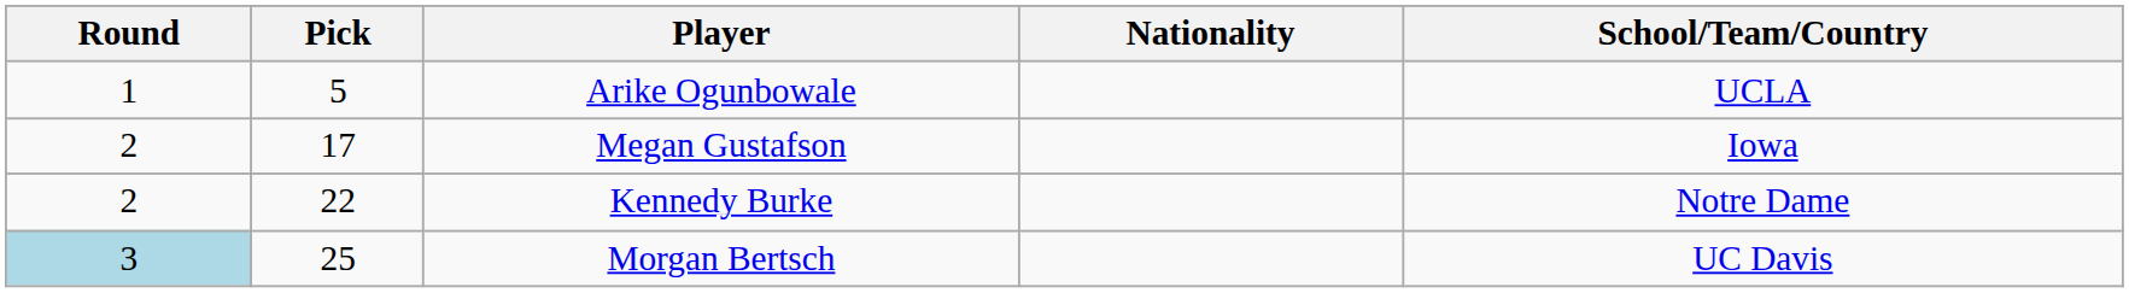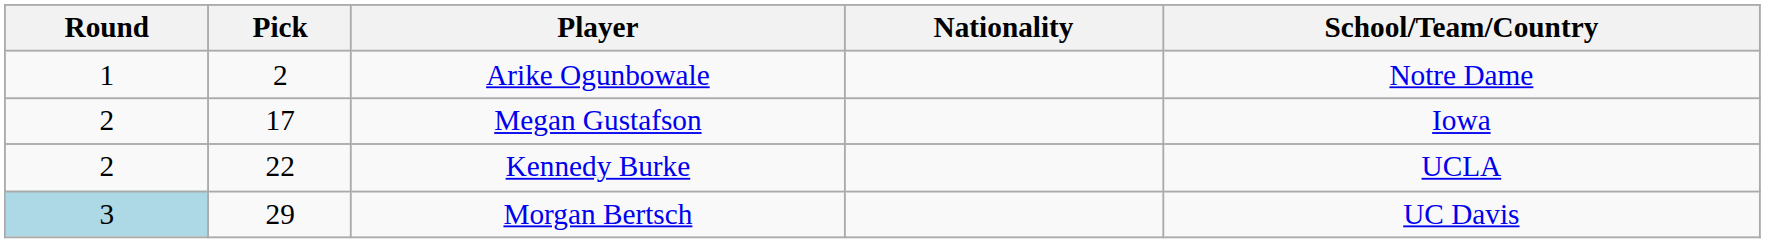 <table class="wikitable" style="text-align:center; width:60em">
 <tr>
 <th>Round</th>
 <th>Pick</th>
 <th>Player</th>
 <th>Nationality</th>
 <th>School/Team/Country</th>
 </tr>
 <tr>
 <td>1</td>
-<td>5</td>
+<td>2</td>
 <td><a href='#'>Arike Ogunbowale</a></td>
 <td></td>
-<td><a href='#'>UCLA</a></td>
+<td><a href='#'>Notre Dame</a></td>
 </tr>
 <tr>
 <td>2</td>
 <td>17</td>
 <td><a href='#'>Megan Gustafson</a></td>
 <td></td>
 <td><a href='#'>Iowa</a></td>
 </tr>
 <tr>
 <td>2</td>
 <td>22</td>
 <td><a href='#'>Kennedy Burke</a></td>
 <td></td>
-<td><a href='#'>Notre Dame</a></td>
+<td><a href='#'>UCLA</a></td>
 </tr>
 <tr>
 <td style="background: lightblue;">3</td>
-<td>25</td>
+<td>29</td>
 <td><a href='#'>Morgan Bertsch</a></td>
 <td></td>
 <td><a href='#'>UC Davis</a></td>
 </tr>
 </table>
